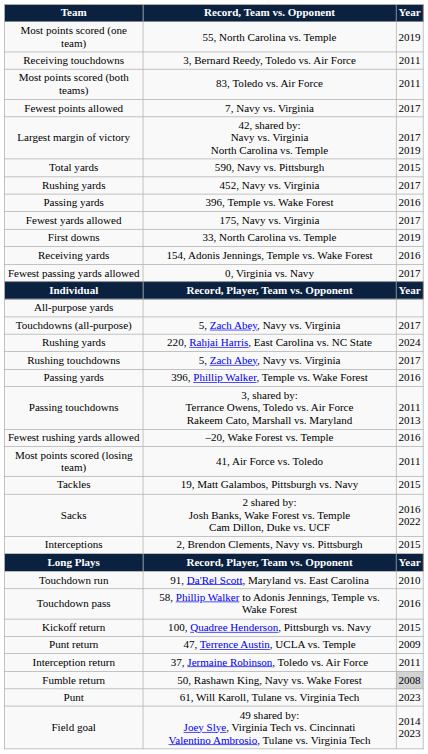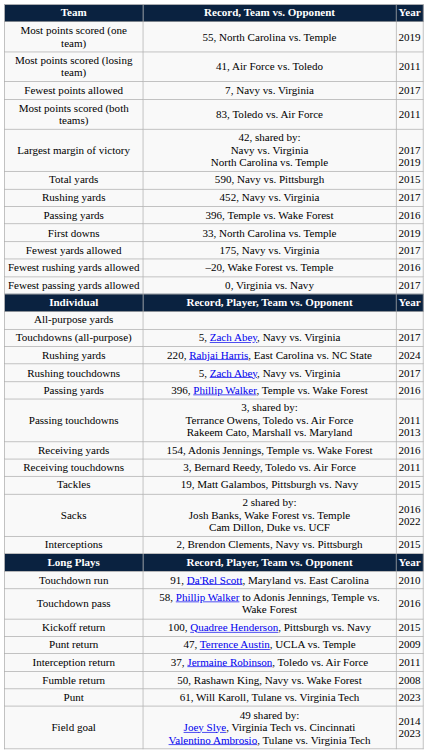 <table class="wikitable" style="text-align:center">
 <tr>
 <th style="background:#0A2240; color:#FFFFFF; ">Team</th>
 <th style="background:#0A2240; color:#FFFFFF; ">Record, Team vs. Opponent</th>
 <th style="background:#0A2240; color:#FFFFFF; ">Year</th>
 </tr>
 <tr>
 <td>Most points scored (one team)</td>
 <td>55, North Carolina vs. Temple</td>
 <td>2019</td>
 </tr>
 <tr>
-<td>Receiving touchdowns</td>
-<td>3, Bernard Reedy, Toledo vs. Air Force</td>
-<td>2011</td>
-</tr>
-<tr>
-<td>Most points scored (both teams)</td>
-<td>83, Toledo vs. Air Force</td>
+<td>Most points scored (losing team)</td>
+<td>41, Air Force vs. Toledo</td>
 <td>2011</td>
 </tr>
 <tr>
 <td>Fewest points allowed</td>
 <td>7, Navy vs. Virginia</td>
 <td>2017</td>
+</tr>
+<tr>
+<td>Most points scored (both teams)</td>
+<td>83, Toledo vs. Air Force</td>
+<td>2011</td>
 </tr>
 <tr>
 <td>Largest margin of victory</td>
 <td>42, shared by:<br>Navy vs. Virginia<br>North Carolina vs. Temple</td>
 <td><br>2017<br>2019</td>
 </tr>
 <tr>
 <td>Total yards</td>
 <td>590, Navy vs. Pittsburgh</td>
 <td>2015</td>
 </tr>
 <tr>
 <td>Rushing yards</td>
 <td>452, Navy vs. Virginia</td>
 <td>2017</td>
 </tr>
 <tr>
 <td>Passing yards</td>
 <td>396, Temple vs. Wake Forest</td>
 <td>2016</td>
 </tr>
 <tr>
+<td>First downs</td>
+<td>33, North Carolina vs. Temple</td>
+<td>2019</td>
+</tr>
+<tr>
 <td>Fewest yards allowed</td>
 <td>175, Navy vs. Virginia</td>
 <td>2017</td>
 </tr>
 <tr>
-<td>First downs</td>
-<td>33, North Carolina vs. Temple</td>
-<td>2019</td>
-</tr>
-<tr>
-<td>Receiving yards</td>
-<td>154, Adonis Jennings, Temple vs. Wake Forest</td>
+<td>Fewest rushing yards allowed</td>
+<td>–20, Wake Forest vs. Temple</td>
 <td>2016</td>
 </tr>
 <tr>
 <td>Fewest passing yards allowed</td>
 <td>0, Virginia vs. Navy</td>
 <td>2017</td>
 </tr>
 <tr>
 <th style="background:#0A2240; color:#FFFFFF; ">Individual</th>
 <th style="background:#0A2240; color:#FFFFFF; ">Record, Player, Team vs. Opponent</th>
 <th style="background:#0A2240; color:#FFFFFF; ">Year</th>
 </tr>
 <tr>
 <td>All-purpose yards</td>
 <td></td>
 <td></td>
 </tr>
 <tr>
 <td>Touchdowns (all-purpose)</td>
 <td>5, <a href='#'>Zach Abey</a>, Navy vs. Virginia</td>
 <td>2017</td>
 </tr>
 <tr>
 <td>Rushing yards</td>
 <td>220, <a href='#'>Rahjai Harris</a>, East Carolina vs. NC State</td>
 <td>2024</td>
 </tr>
 <tr>
 <td>Rushing touchdowns</td>
 <td>5, <a href='#'>Zach Abey</a>, Navy vs. Virginia</td>
 <td>2017</td>
 </tr>
 <tr>
 <td>Passing yards</td>
 <td>396, <a href='#'>Phillip Walker</a>, Temple vs. Wake Forest</td>
 <td>2016</td>
 </tr>
 <tr>
 <td>Passing touchdowns</td>
 <td>3, shared by:<br>Terrance Owens, Toledo vs. Air Force<br>Rakeem Cato, Marshall vs. Maryland</td>
 <td><br>2011<br>2013</td>
 </tr>
 <tr>
-<td>Fewest rushing yards allowed</td>
-<td>–20, Wake Forest vs. Temple</td>
+<td>Receiving yards</td>
+<td>154, Adonis Jennings, Temple vs. Wake Forest</td>
 <td>2016</td>
 </tr>
 <tr>
-<td>Most points scored (losing team)</td>
-<td>41, Air Force vs. Toledo</td>
+<td>Receiving touchdowns</td>
+<td>3, Bernard Reedy, Toledo vs. Air Force</td>
 <td>2011</td>
 </tr>
 <tr>
 <td>Tackles</td>
 <td>19, Matt Galambos, Pittsburgh vs. Navy</td>
 <td>2015</td>
 </tr>
 <tr>
 <td>Sacks</td>
 <td>2 shared by:<br> Josh Banks, Wake Forest vs. Temple<br>Cam Dillon, Duke vs. UCF</td>
 <td>2016 <br>2022</td>
 </tr>
 <tr>
 <td>Interceptions</td>
 <td>2, Brendon Clements, Navy vs. Pittsburgh</td>
 <td>2015</td>
 </tr>
 <tr>
 <th style="background:#0A2240; color:#FFFFFF; ">Long Plays</th>
 <th style="background:#0A2240; color:#FFFFFF; ">Record, Player, Team vs. Opponent</th>
 <th style="background:#0A2240; color:#FFFFFF; ">Year</th>
 </tr>
 <tr>
 <td>Touchdown run</td>
 <td>91, <a href='#'>Da'Rel Scott</a>, Maryland vs. East Carolina</td>
 <td>2010</td>
 </tr>
 <tr>
 <td>Touchdown pass</td>
 <td>58, <a href='#'>Phillip Walker</a> to Adonis Jennings, Temple vs. Wake Forest</td>
 <td>2016</td>
 </tr>
 <tr>
 <td>Kickoff return</td>
 <td>100, <a href='#'>Quadree Henderson</a>, Pittsburgh vs. Navy</td>
 <td>2015</td>
 </tr>
 <tr>
 <td>Punt return</td>
 <td>47, <a href='#'>Terrence Austin</a>, UCLA vs. Temple</td>
 <td>2009</td>
 </tr>
 <tr>
 <td>Interception return</td>
 <td>37, <a href='#'>Jermaine Robinson</a>, Toledo vs. Air Force</td>
 <td>2011</td>
 </tr>
 <tr>
 <td>Fumble return</td>
 <td>50, Rashawn King, Navy vs. Wake Forest</td>
-<td style="background: lightgrey;">2008</td>
+<td>2008</td>
 </tr>
 <tr>
 <td>Punt</td>
 <td>61, Will Karoll, Tulane vs. Virginia Tech</td>
 <td>2023</td>
 </tr>
 <tr>
 <td>Field goal</td>
 <td>49 shared by:<br> <a href='#'>Joey Slye</a>, Virginia Tech vs. Cincinnati<br><a href='#'>Valentino Ambrosio</a>, Tulane vs. Virginia Tech</td>
 <td>2014<br>2023</td>
 </tr>
 </table>
